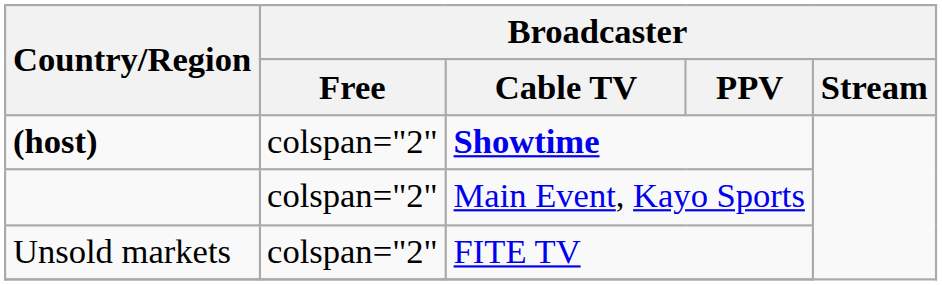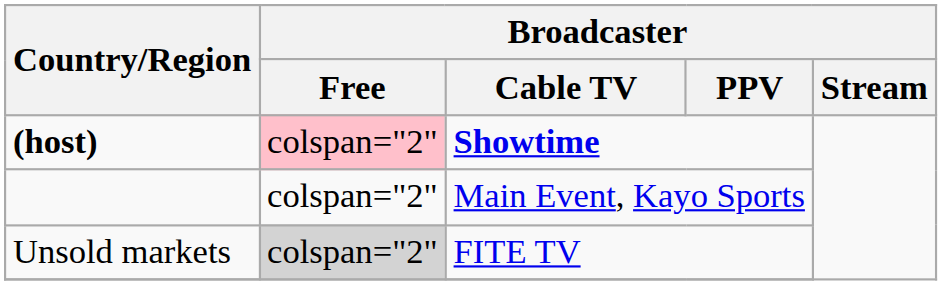 <table class="wikitable">
 <tr>
 <th rowspan="2">Country/Region</th>
 <th colspan="4">Broadcaster</th>
 </tr>
 <tr>
 <th>Free</th>
 <th>Cable TV</th>
 <th>PPV</th>
 <th>Stream</th>
 </tr>
 <tr>
 <td><strong> (host)</strong></td>
-<td>colspan="2" </td>
+<td style="background: pink;">colspan="2" </td>
 <td colspan="2"><a href='#'><strong>Showtime</strong></a></td>
 </tr>
 <tr>
 <td></td>
 <td>colspan="2" </td>
 <td colspan="2"><a href='#'>Main Event</a>, <a href='#'>Kayo Sports</a></td>
 </tr>
 <tr>
 <td>Unsold markets</td>
-<td>colspan="2" </td>
+<td style="background: lightgrey;">colspan="2" </td>
 <td colspan="2"><a href='#'>FITE TV</a></td>
 </tr>
 <tr>
 </tr>
 </table>
